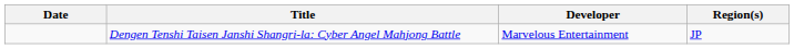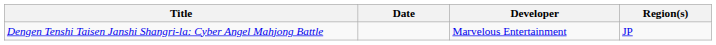 <table class="wikitable sortable" style="text-align: left; width: 80%;">
 <tr>
+<th style="width:50%;">Title</th>
 <th style="width:13%;">Date</th>
-<th style="width:50%;">Title</th>
 <th style="width:24%;">Developer</th>
 <th style="width:13%;">Region(s)</th>
 </tr>
 <tr>
+<td><em><a href='#'>Dengen Tenshi Taisen Janshi Shangri-la: Cyber Angel Mahjong Battle</a></em></td>
 <td></td>
-<td><em><a href='#'>Dengen Tenshi Taisen Janshi Shangri-la: Cyber Angel Mahjong Battle</a></em></td>
 <td><a href='#'>Marvelous Entertainment</a></td>
 <td><a href='#'>JP</a></td>
 </tr>
 </table>
